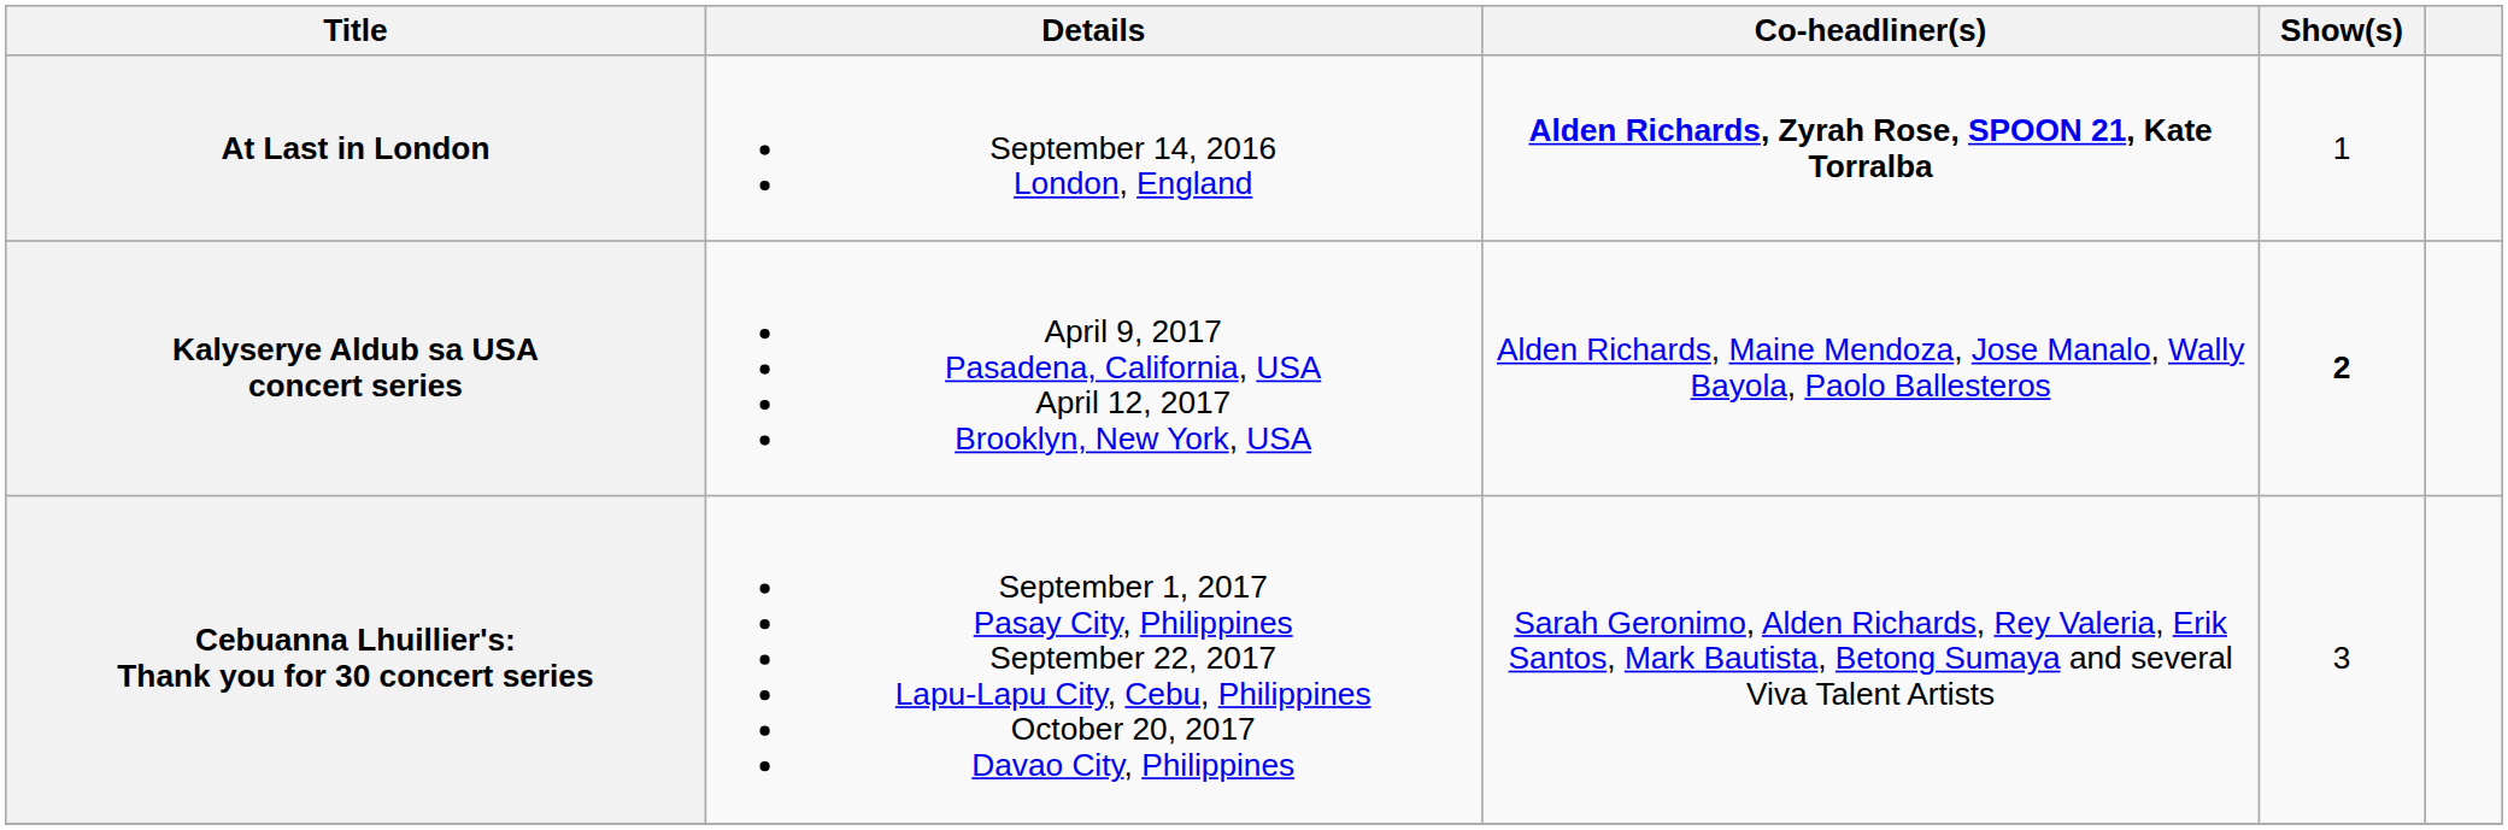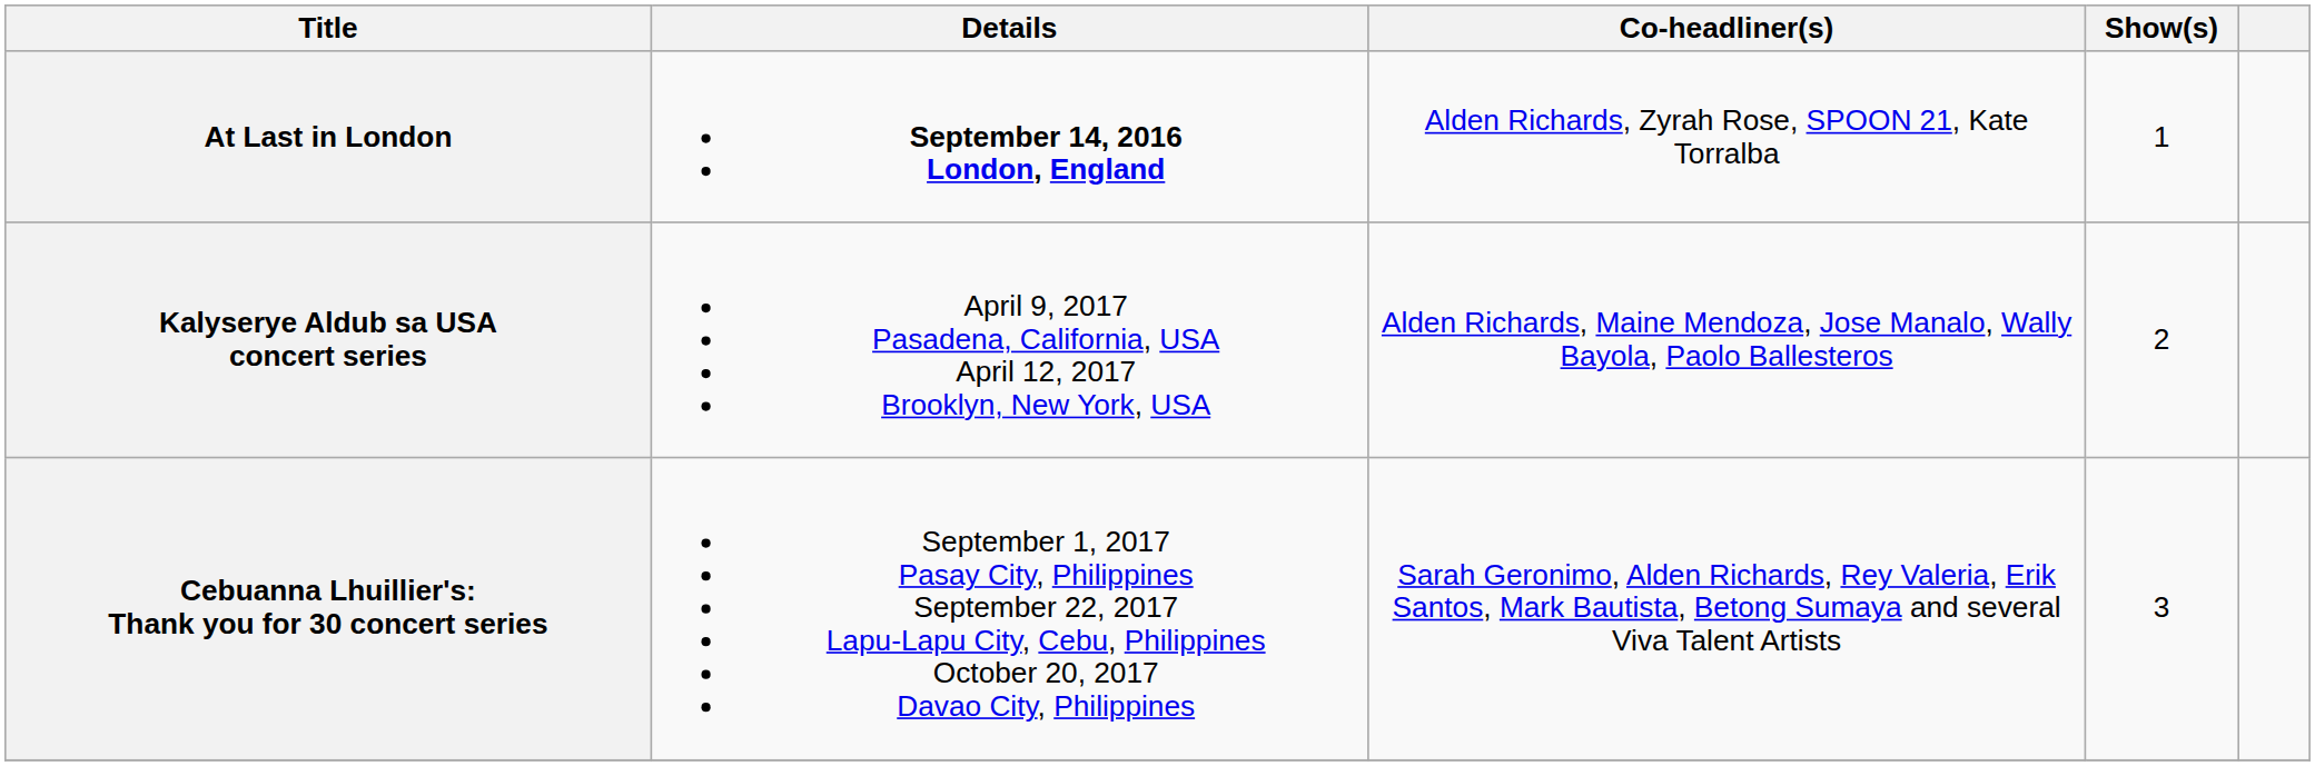 <table class="wikitable sortable plainrowheaders" style="text-align:center;" width="100%">
 <tr>
 <th scope="col" width="18%">Title</th>
 <th scope="col" width="20%" class="unsortable">Details</th>
 <th scope="col" width="20%">Co-headliner(s)</th>
 <th scope="col" width="2%">Show(s)</th>
 <th scope="col" width="2%" class="unsortable"></th>
 </tr>
 <tr>
 <th scope="row">At Last in London</th>
-<td><br><ul><li>September 14, 2016</li><li><a href='#'>London</a>, <a href='#'>England</a></li></ul></td>
-<td><strong><a href='#'>Alden Richards</a>, Zyrah Rose, <a href='#'>SPOON 21</a>, Kate Torralba</strong></td>
+<td><strong><br><ul><li>September 14, 2016</li><li><a href='#'>London</a>, <a href='#'>England</a></li></ul></strong></td>
+<td><a href='#'>Alden Richards</a>, Zyrah Rose, <a href='#'>SPOON 21</a>, Kate Torralba</td>
 <td>1</td>
 <td></td>
 </tr>
 <tr>
 <th scope="row">Kalyserye Aldub sa USA<br>concert series</th>
 <td><br><ul><li>April 9, 2017</li><li><a href='#'>Pasadena, California</a>,  <a href='#'>USA</a></li><li>April 12, 2017</li><li><a href='#'>Brooklyn, New York</a>,  <a href='#'>USA</a></li></ul></td>
 <td><a href='#'>Alden Richards</a>, <a href='#'>Maine Mendoza</a>, <a href='#'>Jose Manalo</a>, <a href='#'>Wally Bayola</a>, <a href='#'>Paolo Ballesteros</a></td>
-<td><strong>2</strong></td>
+<td>2</td>
 <td></td>
 </tr>
 <tr>
 <th scope="row">Cebuanna Lhuillier's:<br>Thank you for 30 concert series</th>
 <td><br><ul><li>September 1, 2017</li><li><a href='#'>Pasay City</a>,  <a href='#'>Philippines</a></li><li>September 22, 2017</li><li><a href='#'>Lapu-Lapu City</a>, <a href='#'>Cebu</a>,  <a href='#'>Philippines</a></li><li>October 20, 2017</li><li><a href='#'>Davao City</a>, <a href='#'>Philippines</a></li></ul></td>
 <td><a href='#'>Sarah Geronimo</a>, <a href='#'>Alden Richards</a>, <a href='#'>Rey Valeria</a>, <a href='#'>Erik Santos</a>, <a href='#'>Mark Bautista</a>, <a href='#'>Betong Sumaya</a> and several<br>Viva Talent Artists</td>
 <td>3</td>
 <td></td>
 </tr>
 <tr>
 </tr>
 </table>
